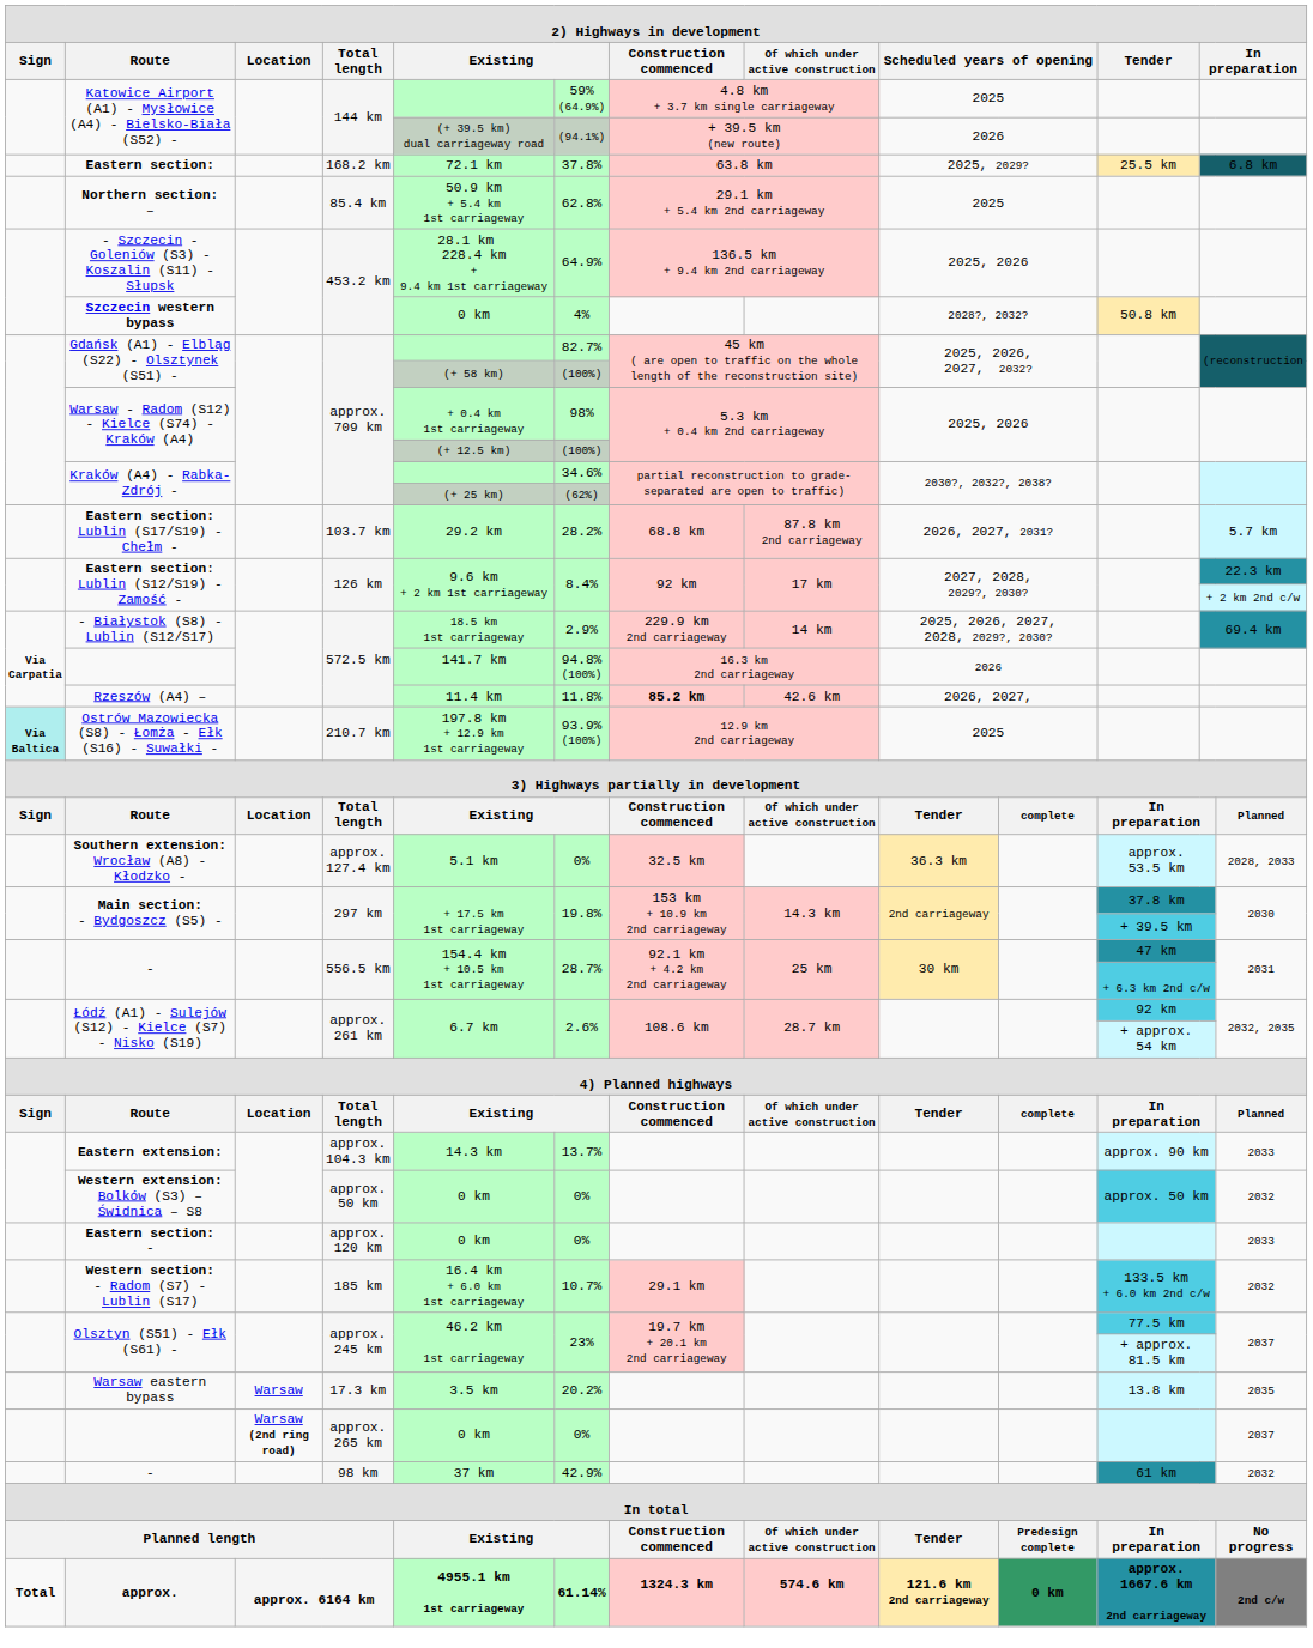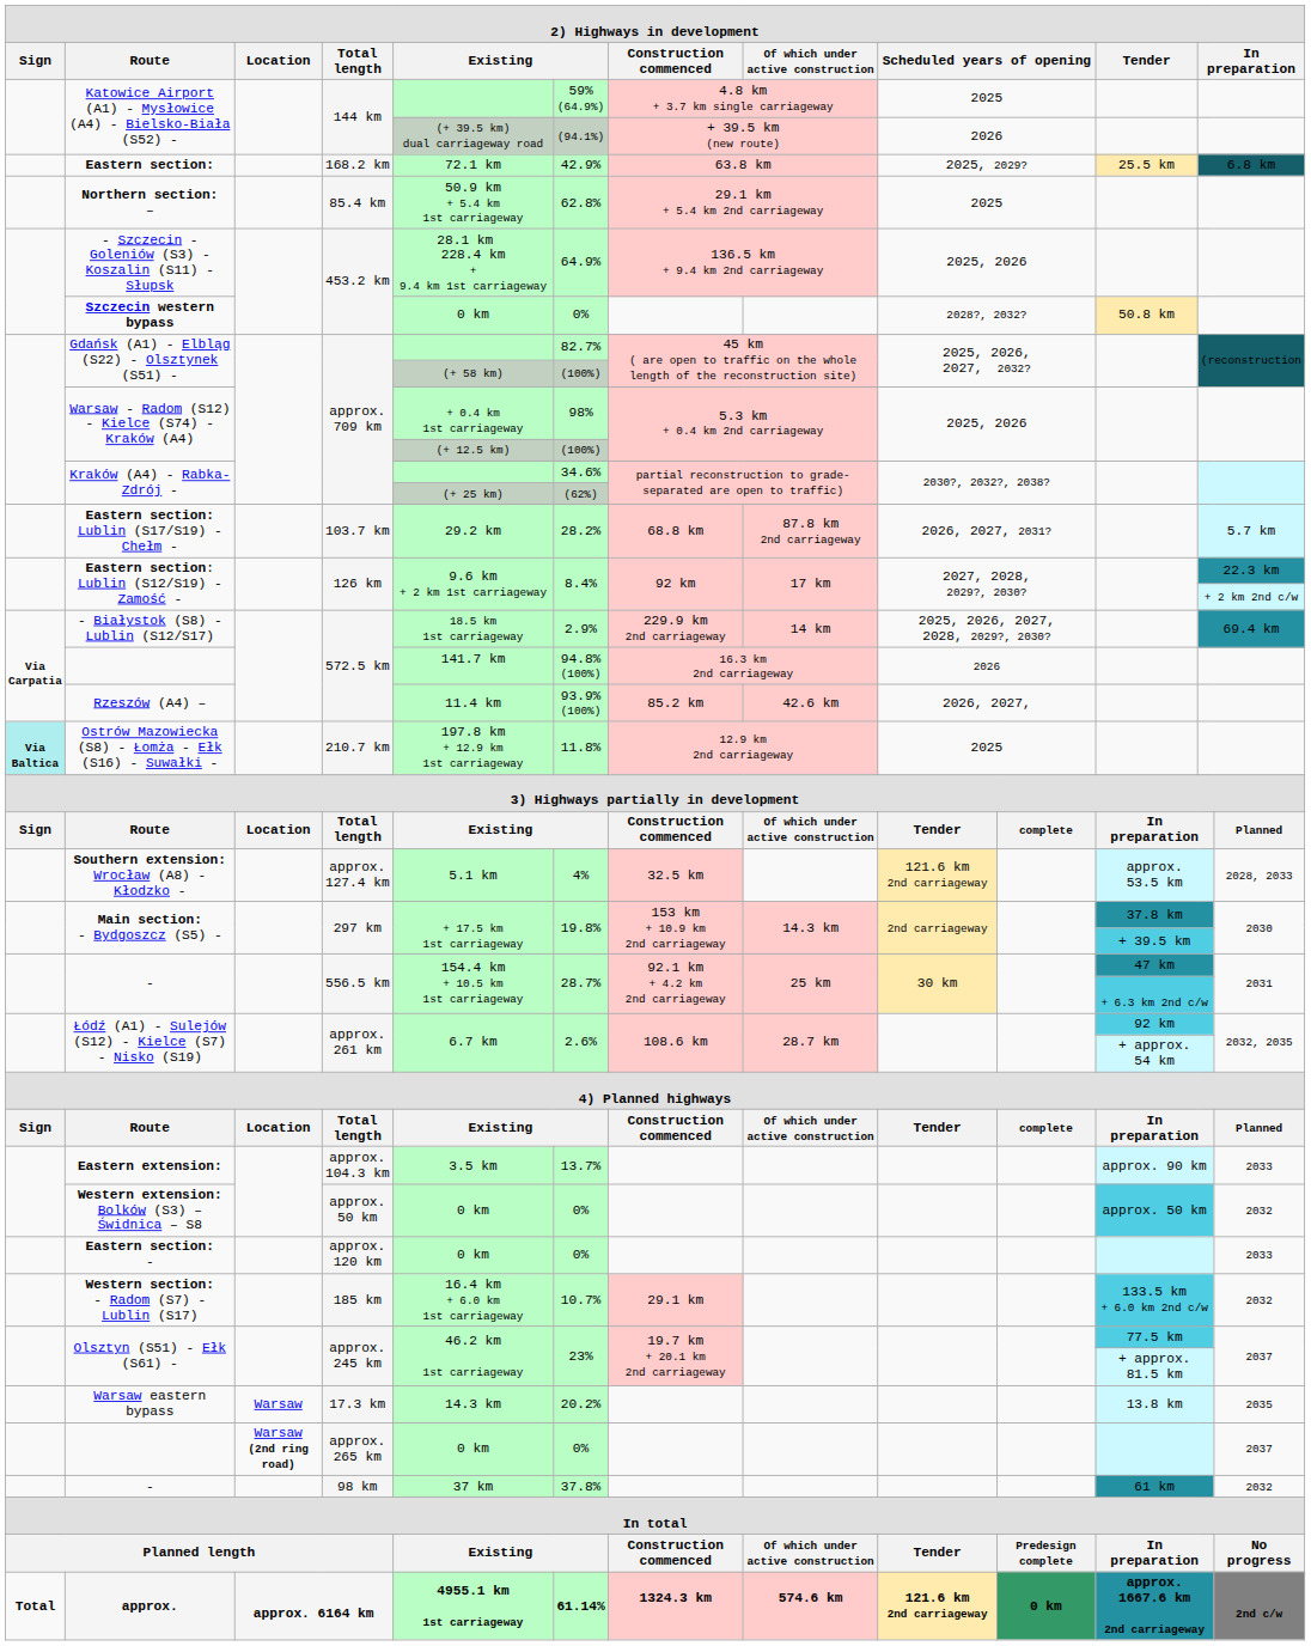 <table class="wikitable" style="margin:auto; align:center; text-align:center;">
 <tr>
 <th colspan="13" style="background-color:#E0E0E0;"><br>2) Highways in development</th>
 </tr>
 <tr>
 <th scope="col" width="3%">Sign</th>
 <th scope="col" width="18%">Route</th>
 <th scope="col" width="8%">Location</th>
 <th scope="col" width="4%">Total length</th>
 <th scope="col" width="17%" colspan="2">Existing</th>
 <th scope="col" width="12.5%">Construction commenced</th>
 <th scope="col" width="12.5%"><small>Of which under active construction</small></th>
 <th scope="col" width="7%" colspan="2">Scheduled years of opening</th>
 <th scope="col" width="9%">Tender</th>
 <th scope="col" width="9%" colspan="2">In preparation</th>
 </tr>
 <tr>
 <td rowspan="2"></td>
 <td rowspan="2"><a href='#'>Katowice Airport</a> (A1) - <a href='#'>Mysłowice</a> (A4) - <a href='#'>Bielsko-Biała</a> (S52) - </td>
 <td rowspan="2"></td>
 <td rowspan="2" bgcolor="#F5F5F5">144 km</td>
 <td bgcolor="#B9FFC5"><br><small></small></td>
 <td bgcolor="#B9FFC5">59%<small><br>(64.9%)</small></td>
 <td colspan="2" bgcolor="#FFCBCB">4.8 km<br><small>+ 3.7 km single carriageway</small></td>
 <td colspan="2">2025</td>
 <td></td>
 <td colspan="2"></td>
 </tr>
 <tr>
 <td bgcolor="#C2D0C1"><small>(+ 39.5 km)</small><br><small>dual carriageway road</small></td>
 <td bgcolor="#C2D0C1"><small>(94.1%)</small></td>
 <td colspan="2" bgcolor="#FFCBCB">+ 39.5 km<br><small>(new route)</small></td>
 <td colspan="2">2026</td>
 <td></td>
 <td colspan="2"></td>
 </tr>
 <tr>
 <td></td>
 <td><strong>Eastern section:</strong><br></td>
 <td></td>
 <td bgcolor="#F5F5F5">168.2 km</td>
 <td bgcolor="#B9FFC5">72.1 km</td>
-<td bgcolor="#B9FFC5">37.8%</td>
+<td bgcolor="#B9FFC5">42.9%</td>
 <td bgcolor="#FFCBCB" colspan="2">63.8 km</td>
 <td colspan="2">2025, <small>2029?</small></td>
 <td bgcolor="#FFEBAD">25.5 km</td>
 <td colspan="2" bgcolor="#155f6a">6.8 km</td>
 </tr>
 <tr>
 <td></td>
 <td><strong>Northern section:</strong><br> – </td>
 <td></td>
 <td bgcolor="#F5F5F5">85.4 km</td>
 <td bgcolor="#B9FFC5">50.9 km<br><small>+ 5.4 km 1st carriageway<br></small></td>
 <td bgcolor="#B9FFC5">62.8%</td>
 <td colspan="2" bgcolor="#FFCBCB">29.1 km<br><small>+ 5.4 km 2nd carriageway</small></td>
 <td colspan="2">2025</td>
 <td></td>
 <td colspan="2"></td>
 </tr>
 <tr>
 <td rowspan="2"><br></td>
 <td> - <a href='#'>Szczecin</a> - <a href='#'>Goleniów</a> (S3) - <a href='#'>Koszalin</a> (S11) - <a href='#'>Słupsk</a> </td>
 <td rowspan="2"></td>
 <td rowspan="2" bgcolor="#F5F5F5">453.2 km</td>
 <td bgcolor="#B9FFC5"> 28.1 km  <br> 228.4 km<br><small>+ 9.4 km 1st carriageway</small></td>
 <td bgcolor="#B9FFC5">64.9%</td>
 <td colspan="2" bgcolor="#FFCBCB">136.5 km<br><small>+ 9.4 km 2nd carriageway</small></td>
 <td colspan="2">2025, 2026</td>
 <td></td>
 <td colspan="2"></td>
 </tr>
 <tr>
 <td><strong><a href='#'>Szczecin</a> western bypass</strong></td>
 <td bgcolor="#B9FFC5">0 km</td>
-<td bgcolor="#B9FFC5">4%</td>
+<td bgcolor="#B9FFC5">0%</td>
 <td></td>
 <td></td>
 <td colspan="2"><small>2028?, 2032?</small></td>
 <td bgcolor="#FFEBAD">50.8 km</td>
 <td colspan="2"></td>
 </tr>
 <tr>
 <td rowspan="6"></td>
 <td rowspan="2"><a href='#'>Gdańsk</a> (A1) - <a href='#'>Elbląg</a> (S22) - <a href='#'>Olsztynek</a> (S51) - </td>
 <td rowspan="6"></td>
 <td rowspan="6" bgcolor="#F5F5F5">approx. 709 km</td>
 <td bgcolor="#B9FFC5"></td>
 <td bgcolor="#B9FFC5">82.7%<br></td>
 <td rowspan="2" colspan="2" bgcolor="#FFCBCB">45 km<br><small>(  are open to traffic on the whole length of the reconstruction site)</small></td>
 <td colspan="2" rowspan="2">2025, 2026,<br>2027, <small> 2032?</small></td>
 <td rowspan="2"></td>
 <td colspan="2" rowspan="2" bgcolor="#155f6a"> <small>(reconstruction<br></small></td>
 </tr>
 <tr>
 <td bgcolor="#C2D0C1"><small>(+ 58 km)</small><br><small></small></td>
 <td bgcolor="#C2D0C1"><small>(100%)</small></td>
 </tr>
 <tr>
 <td rowspan="2"><a href='#'>Warsaw</a>  - <a href='#'>Radom</a> (S12) - <a href='#'>Kielce</a> (S74) - <a href='#'>Kraków</a> (A4)</td>
 <td bgcolor="#B9FFC5"><br><small>+ 0.4 km 1st carriageway</small></td>
 <td bgcolor="#B9FFC5">98% </td>
 <td rowspan="2" colspan="2" bgcolor="#FFCBCB">5.3 km<br><small>+ 0.4 km 2nd carriageway</small></td>
 <td rowspan="2" colspan="2">2025, 2026</td>
 <td rowspan="2"></td>
 <td rowspan="2"  colspan="2"></td>
 </tr>
 <tr>
 <td bgcolor="#C2D0C1"><small>(+ 12.5 km)</small><br><small></small></td>
 <td bgcolor="#C2D0C1"><small>(100%)</small></td>
 </tr>
 <tr>
 <td rowspan="2"><a href='#'>Kraków</a> (A4) - <a href='#'>Rabka-Zdrój</a> - </td>
 <td bgcolor="#B9FFC5"></td>
 <td bgcolor="#B9FFC5">34.6%</td>
 <td rowspan="2" colspan="2" bgcolor="#FFCBCB"><small>partial reconstruction to grade-separated  are open to traffic)</small></td>
 <td colspan="2" rowspan="2"><small>2030?, 2032?, 2038?</small></td>
 <td rowspan="2"></td>
 <td colspan="2" rowspan="2" bgcolor="#ccf8ff"> </td>
 </tr>
 <tr>
 <td bgcolor="#C2D0C1"><small>(+ 25 km)</small><br><small></small></td>
 <td bgcolor="#C2D0C1"><small>(62%)</small></td>
 </tr>
 <tr>
 <td></td>
 <td><strong>Eastern section:</strong><br><a href='#'>Lublin</a> (S17/S19) - <a href='#'>Chełm</a> - </td>
 <td></td>
 <td bgcolor="#F5F5F5">103.7 km</td>
 <td bgcolor="#B9FFC5">29.2 km</td>
 <td bgcolor="#B9FFC5">28.2%</td>
 <td bgcolor="#FFCBCB">68.8 km</td>
 <td bgcolor="#FFCBCB">87.8 km<br><small> 2nd carriageway</small></td>
 <td colspan="2">2026, 2027, <small>2031?</small></td>
 <td></td>
 <td colspan="2" bgcolor="#ccf8ff">5.7 km</td>
 </tr>
 <tr>
 <td rowspan="2"></td>
 <td rowspan="2"><strong>Eastern section</strong>:<br><a href='#'>Lublin</a> (S12/S19) - <a href='#'>Zamość</a> - </td>
 <td rowspan="2"></td>
 <td rowspan="2" bgcolor="#F5F5F5">126 km</td>
 <td rowspan="2" bgcolor="#B9FFC5">9.6 km<br><small>+ 2 km 1st carriageway</small></td>
 <td rowspan="2" bgcolor="#B9FFC5">8.4%</td>
 <td rowspan="2" bgcolor="#FFCBCB">92 km</td>
 <td rowspan="2" bgcolor="#FFCBCB">17 km</td>
 <td rowspan="2" colspan="2">2027, 2028,<br><small>2029?, 2030?</small></td>
 <td rowspan="2"></td>
 <td colspan="2" bgcolor="2491a3">22.3 km</td>
 </tr>
 <tr>
 <td colspan="2" bgcolor="#ccf8ff"><small>+ 2 km 2nd c/w</small></td>
 </tr>
 <tr>
 <td rowspan="3"><br><strong><small>Via Carpatia</small></strong></td>
 <td> - <a href='#'>Białystok</a> (S8) - <a href='#'>Lublin</a> (S12/S17)</td>
 <td rowspan="3"></td>
 <td rowspan="3" bgcolor="#F5F5F5">572.5 km</td>
 <td bgcolor="#B9FFC5"><small>18.5 km<br>1st carriageway</small></td>
 <td bgcolor="#B9FFC5">2.9% </td>
 <td bgcolor="#FFCBCB">229.9 km<br><small> 2nd carriageway</small></td>
 <td bgcolor="#FFCBCB">14 km</td>
 <td colspan="2">2025, 2026, 2027,<br>2028, <small>2029?, 2030?</small></td>
 <td></td>
 <td colspan="2" bgcolor="#2491a3">69.4 km<br> </td>
 </tr>
 <tr>
 <td></td>
 <td bgcolor="#B9FFC5">141.7 km<br><small><br></small></td>
 <td bgcolor="#B9FFC5">94.8%<small><br>(100%)</small> </td>
 <td colspan="2" bgcolor="#FFCBCB"><small>16.3 km<br>2nd carriageway</small></td>
 <td colspan="2"><small>2026</small></td>
 <td></td>
 <td colspan="2"></td>
 </tr>
 <tr>
 <td><a href='#'>Rzeszów</a> (A4) – </td>
 <td bgcolor="#B9FFC5">11.4 km</td>
-<td bgcolor="#B9FFC5">11.8% </td>
-<td bgcolor="#FFCBCB"><strong>85.2 km</strong></td>
+<td bgcolor="#B9FFC5">93.9%<br><small>(100%)</small></td>
+<td bgcolor="#FFCBCB">85.2 km</td>
 <td bgcolor="#FFCBCB">42.6 km</td>
 <td colspan="2">2026, 2027,<br><small></small></td>
 <td></td>
 <td colspan="2"></td>
 </tr>
 <tr>
 <td style="background: paleturquoise;"><br><small><strong>Via Baltica</strong></small></td>
 <td><a href='#'>Ostrów Mazowiecka</a> (S8) - <a href='#'>Łomża</a> - <a href='#'>Ełk</a> (S16) - <a href='#'>Suwałki</a> - </td>
 <td></td>
 <td bgcolor="#F5F5F5">210.7 km</td>
 <td bgcolor="#B9FFC5">197.8 km<br><small>+ 12.9 km 1st carriageway</small></td>
-<td bgcolor="#B9FFC5">93.9%<br><small>(100%)</small></td>
+<td bgcolor="#B9FFC5">11.8% </td>
 <td colspan="2" bgcolor="#FFCBCB"><small>12.9 km<br>2nd carriageway</small></td>
 <td colspan="2">2025</td>
 <td></td>
 <td colspan="2"></td>
 </tr>
 <tr>
 <th colspan="13" style="background-color:#E0E0E0;"><br>3) Highways partially in development</th>
 </tr>
 <tr>
 <th scope="col" width="3%">Sign</th>
 <th scope="col" width="18%">Route</th>
 <th scope="col" width="8%">Location</th>
 <th scope="col" width="4.5%">Total length</th>
 <th scope="col" width="17%" colspan="2">Existing</th>
 <th scope="col" width="11%">Construction commenced</th>
 <th scope="col" width="11%"><small>Of which under active construction</small></th>
 <th scope="col" width="5%">Tender</th>
 <th scope="col" width="5%"><small> complete</small></th>
 <th colspan="2" scope="col" width="11%">In preparation</th>
 <th scope="col" width="4%"><small>Planned  </small></th>
 </tr>
 <tr>
 <td></td>
 <td><strong>Southern extension:</strong><br><a href='#'>Wrocław</a> (A8) - <a href='#'>Kłodzko</a> - </td>
 <td></td>
 <td bgcolor="#F5F5F5">approx. 127.4 km</td>
 <td bgcolor="#B9FFC5">5.1 km</td>
-<td bgcolor="#B9FFC5">0%</td>
+<td bgcolor="#B9FFC5">4%</td>
 <td bgcolor="#FFCBCB">32.5 km</td>
 <td></td>
-<td bgcolor="#FFEBAD">36.3 km</td>
+<td bgcolor="#FFEBAD">121.6 km<br><small> 2nd carriageway</small></td>
 <td></td>
 <td colspan="2" bgcolor="#ccf8ff">approx. 53.5 km</td>
 <td><small>2028, 2033</small></td>
 </tr>
 <tr>
 <td rowspan="2"></td>
 <td rowspan="2"><strong>Main section:</strong><br> - <a href='#'>Bydgoszcz</a> (S5) - </td>
 <td rowspan="2"></td>
 <td rowspan="2" bgcolor="#F5F5F5">297 km</td>
 <td rowspan="2" bgcolor="#B9FFC5"><br><small>+ 17.5 km<br>1st carriageway</small></td>
 <td rowspan="2" bgcolor="#B9FFC5">19.8%</td>
 <td rowspan="2" bgcolor="#FFCBCB">153 km<br><small>+ 10.9 km 2nd carriageway</small></td>
 <td rowspan="2" bgcolor="#FFCBCB">14.3 km</td>
 <td rowspan="2" bgcolor="#FFEBAD"><small> 2nd carriageway</small></td>
 <td rowspan="2"></td>
 <td colspan="2" bgcolor="#2491a3">37.8 km</td>
 <td rowspan="2"><small>2030</small></td>
 </tr>
 <tr>
 <td colspan="2" bgcolor="#4fcde3">+ 39.5 km</td>
 </tr>
 <tr>
 <td rowspan="2"></td>
 <td rowspan="2"> -   </td>
 <td rowspan="2"></td>
 <td rowspan="2" bgcolor="#F5F5F5">556.5 km</td>
 <td rowspan="2" bgcolor="#B9FFC5">154.4 km<br><small>+ 10.5 km<br>1st carriageway</small></td>
 <td rowspan="2" bgcolor="#B9FFC5">28.7%</td>
 <td rowspan="2" bgcolor="#FFCBCB">92.1 km<br><small>+ 4.2 km<br>2nd carriageway</small></td>
 <td rowspan="2" bgcolor="#FFCBCB">25 km</td>
 <td rowspan="2" bgcolor="#FFEBAD">30 km</td>
 <td rowspan="2"></td>
 <td colspan="2" bgcolor="#2491a3">47 km</td>
 <td rowspan="2"><small>2031</small></td>
 </tr>
 <tr>
 <td colspan="2" bgcolor="#4fcde3"><small><br>+ 6.3 km 2nd c/w</small></td>
 </tr>
 <tr>
 <td rowspan="2"></td>
 <td rowspan="2"><a href='#'>Łódź</a> (A1) - <a href='#'>Sulejów</a> (S12) - <a href='#'>Kielce</a> (S7) - <a href='#'>Nisko</a> (S19)</td>
 <td rowspan="2"></td>
 <td rowspan="2" bgcolor="#F5F5F5">approx. 261 km</td>
 <td rowspan="2" bgcolor="#B9FFC5">6.7 km</td>
 <td rowspan="2" bgcolor="#B9FFC5">2.6%</td>
 <td rowspan="2" bgcolor="#FFCBCB">108.6 km</td>
 <td rowspan="2" bgcolor="#FFCBCB">28.7 km</td>
 <td rowspan="2"></td>
 <td rowspan="2"></td>
 <td colspan="2" bgcolor="#4fcde3">92 km</td>
 <td rowspan="2"><small>2032, 2035</small></td>
 </tr>
 <tr>
 <td colspan="2" bgcolor="#ccf8ff">+ approx. 54 km</td>
 </tr>
 <tr>
 <th colspan="13" style="background-color:#E0E0E0;"><br>4) Planned highways</th>
 </tr>
 <tr>
 <th scope="col" width="2%">Sign</th>
 <th scope="col" width="17%">Route</th>
 <th scope="col" width="8%">Location</th>
 <th scope="col" width="4%">Total length</th>
 <th scope="col" width="15%" colspan="2">Existing</th>
 <th scope="col" width="9%">Construction commenced</th>
 <th scope="col" width="9%"><small>Of which under active construction</small></th>
 <th scope="col" width="5%">Tender</th>
 <th scope="col" width="5%"><small> complete</small></th>
 <th colspan="2" scope="col" width="10%">In preparation</th>
 <th scope="col" width="4%"><small>Planned  </small></th>
 </tr>
 <tr>
 <td rowspan="2"></td>
 <td><strong>Eastern extension:</strong><br></td>
 <td rowspan="2"></td>
 <td bgcolor="#F5F5F5">approx. 104.3 km</td>
-<td bgcolor="#B9FFC5">14.3 km</td>
+<td bgcolor="#B9FFC5">3.5 km</td>
 <td bgcolor="#B9FFC5">13.7%</td>
 <td></td>
 <td></td>
 <td></td>
 <td></td>
 <td colspan="2" bgcolor="#ccf8ff">approx. 90 km</td>
 <td><small>2033</small></td>
 </tr>
 <tr>
 <td><strong>Western extension:</strong><br><a href='#'>Bolków</a> (S3) – <a href='#'>Świdnica</a> – S8</td>
 <td bgcolor="#F5F5F5">approx. 50 km</td>
 <td bgcolor="#B9FFC5">0 km</td>
 <td bgcolor="#B9FFC5">0%</td>
 <td></td>
 <td></td>
 <td></td>
 <td></td>
 <td colspan="2" bgcolor="#4fcde3">approx. 50 km</td>
 <td><small>2032</small></td>
 </tr>
 <tr>
 <td></td>
 <td><strong>Eastern section:</strong><br> - </td>
 <td></td>
 <td bgcolor="#F5F5F5">approx. 120 km</td>
 <td bgcolor="#B9FFC5">0 km</td>
 <td bgcolor="#B9FFC5">0%</td>
 <td></td>
 <td></td>
 <td></td>
 <td></td>
 <td colspan="2" bgcolor="#ccf8ff"></td>
 <td><small>2033</small></td>
 </tr>
 <tr>
 <td></td>
 <td><strong>Western section:</strong><br> - <a href='#'>Radom</a> (S7) - <a href='#'>Lublin</a> (S17)</td>
 <td></td>
 <td bgcolor="#F5F5F5">185 km</td>
 <td bgcolor="#B9FFC5">16.4 km<br><small>+ 6.0 km<br>1st carriageway</small></td>
 <td bgcolor="#B9FFC5">10.7%</td>
 <td bgcolor="#FFCBCB">29.1 km</td>
 <td></td>
 <td></td>
 <td></td>
 <td colspan="2" bgcolor="#4fcde3">133.5 km<br><small>+ 6.0 km 2nd c/w</small></td>
 <td><small>2032</small></td>
 </tr>
 <tr>
 <td rowspan="2"></td>
 <td rowspan="2"><a href='#'>Olsztyn</a> (S51) - <a href='#'>Ełk</a> (S61) - </td>
 <td rowspan="2"></td>
 <td rowspan="2" bgcolor="#F5F5F5">approx. 245 km</td>
 <td rowspan="2" bgcolor="#B9FFC5">46.2 km<br><small><br>1st carriageway</small></td>
 <td rowspan="2"  bgcolor="#B9FFC5">23%</td>
 <td rowspan="2" bgcolor="#FFCBCB">19.7 km<br><small>+ 20.1 km 2nd carriageway</small></td>
 <td rowspan="2"></td>
 <td rowspan="2"></td>
 <td rowspan="2"></td>
 <td colspan="2" bgcolor="#4fcde3">77.5 km</td>
 <td rowspan="2"><small>2037</small></td>
 </tr>
 <tr>
 <td colspan="2" bgcolor="#ccf8ff">+ approx. 81.5 km</td>
 </tr>
 <tr>
 <td></td>
 <td><a href='#'>Warsaw</a> eastern bypass </td>
 <td><a href='#'>Warsaw</a></td>
 <td bgcolor="#F5F5F5">17.3 km</td>
-<td bgcolor="#B9FFC5">3.5 km</td>
+<td bgcolor="#B9FFC5">14.3 km</td>
 <td bgcolor="#B9FFC5">20.2%</td>
 <td></td>
 <td></td>
 <td></td>
 <td></td>
 <td colspan="2" bgcolor="#ccf8ff">13.8 km</td>
 <td><small>2035</small></td>
 </tr>
 <tr>
 <td><br></td>
 <td> </td>
 <td><a href='#'>Warsaw</a><br><small><strong>(2nd ring road)</strong></small></td>
 <td bgcolor="#F5F5F5">approx. 265 km</td>
 <td bgcolor="#B9FFC5">0 km</td>
 <td bgcolor="#B9FFC5">0%</td>
 <td></td>
 <td></td>
 <td></td>
 <td></td>
 <td colspan="2" bgcolor="#ccf8ff"><br></td>
 <td><small>2037</small></td>
 </tr>
 <tr>
 <td></td>
 <td>  - </td>
 <td></td>
 <td bgcolor="#F5F5F5">98 km</td>
 <td bgcolor="#B9FFC5">37 km</td>
-<td bgcolor="#B9FFC5">42.9%</td>
+<td bgcolor="#B9FFC5">37.8%</td>
 <td></td>
 <td></td>
 <td></td>
 <td></td>
 <td colspan="2" bgcolor="#2491a3">61 km</td>
 <td><small>2032</small></td>
 </tr>
 <tr>
 <th colspan="13" style="background-color:#E0E0E0;"><br>In total</th>
 </tr>
 <tr>
 <th scope="col" width="12%" colspan="4">Planned length</th>
 <th scope="col" width="18%" colspan="2">Existing</th>
 <th scope="col" width="10%">Construction commenced</th>
 <th scope="col" width="10%"><small>Of which under active construction</small></th>
 <th scope="col" width="10%">Tender</th>
 <th scope="col" width="10%"><small>Predesign complete</small></th>
 <th scope="col" width="10%" colspan="2">In preparation</th>
 <th scope="col" width="8%">No progress</th>
 </tr>
 <tr style="font-weight:bold;">
 <td>Total</td>
 <td bgcolor="#F5F5F5">approx. </td>
 <td bgcolor="#F5F5F5" colspan="2"><br> approx. 6164 km</td>
 <td bgcolor="#B9FFC5">4955.1 km<br><small><br>1st carriageway</small></td>
 <td bgcolor="#B9FFC5">61.14%</td>
 <td bgcolor="#FFCBCB">1324.3 km<br><small><br></small></td>
 <td bgcolor="#FFCBCB">574.6 km<br><small><br></small></td>
 <td bgcolor="#FFEBAD">121.6 km<br><small> 2nd carriageway</small></td>
 <td bgcolor="#339966">0 km</td>
 <td bgcolor="#2491a3" colspan="2">approx.<br>1667.6 km<br><small><br>2nd carriageway</small></td>
 <td bgcolor="#808080"><small><br>2nd c/w</small></td>
 </tr>
 </table>
